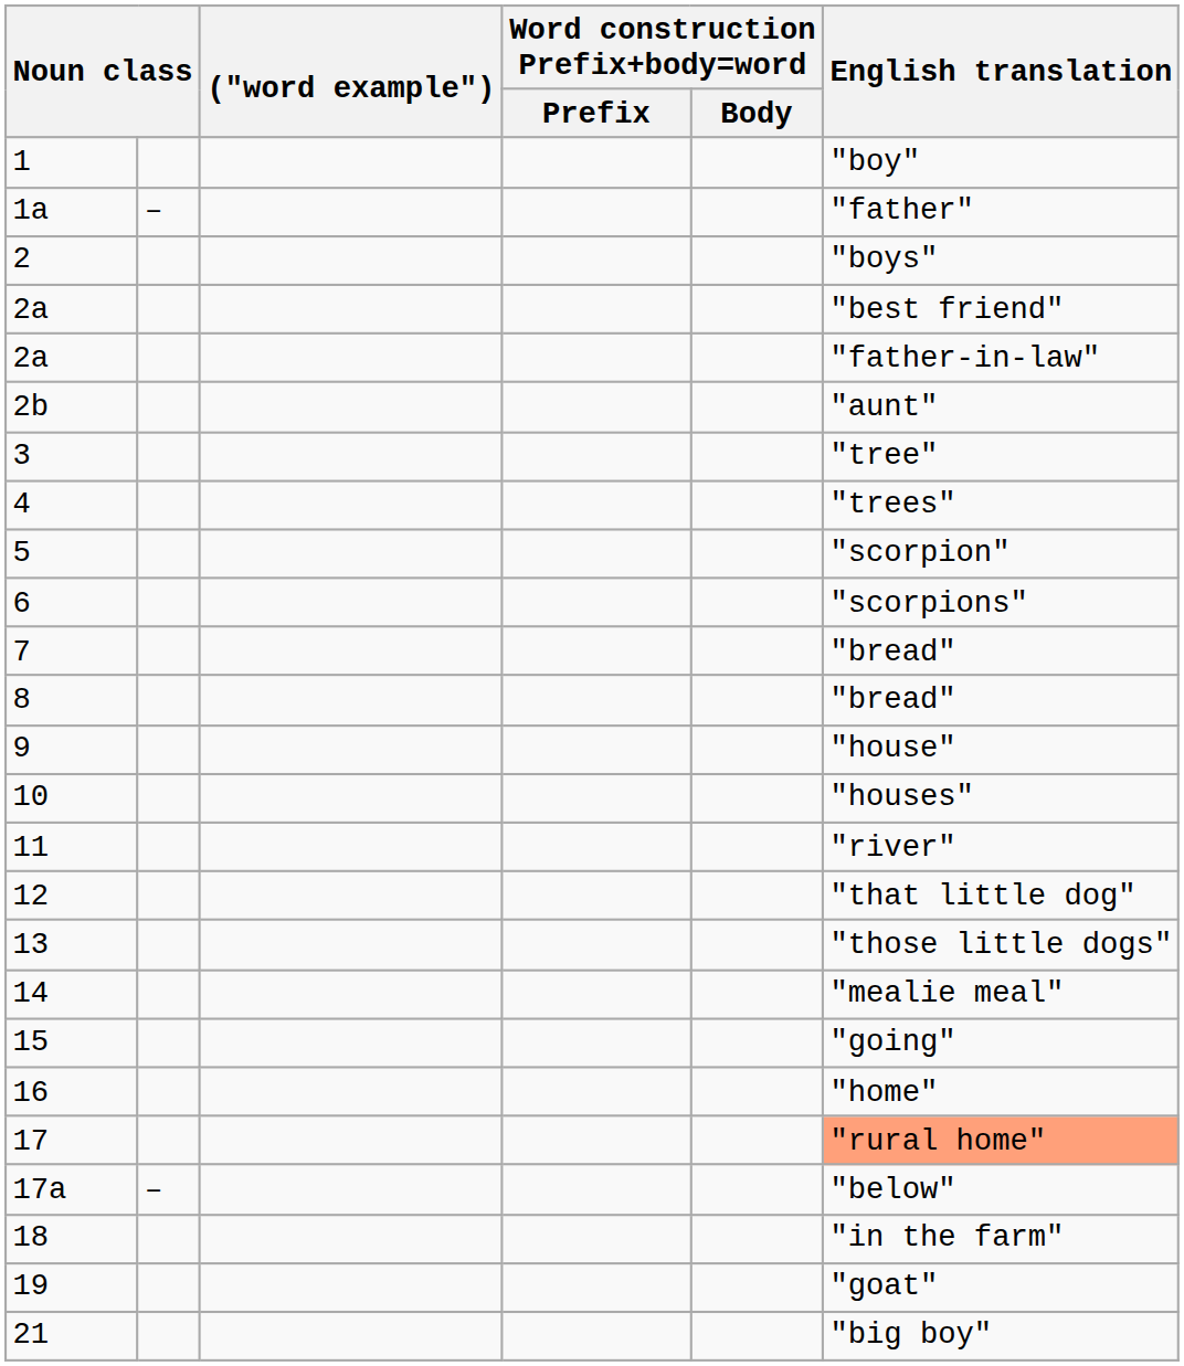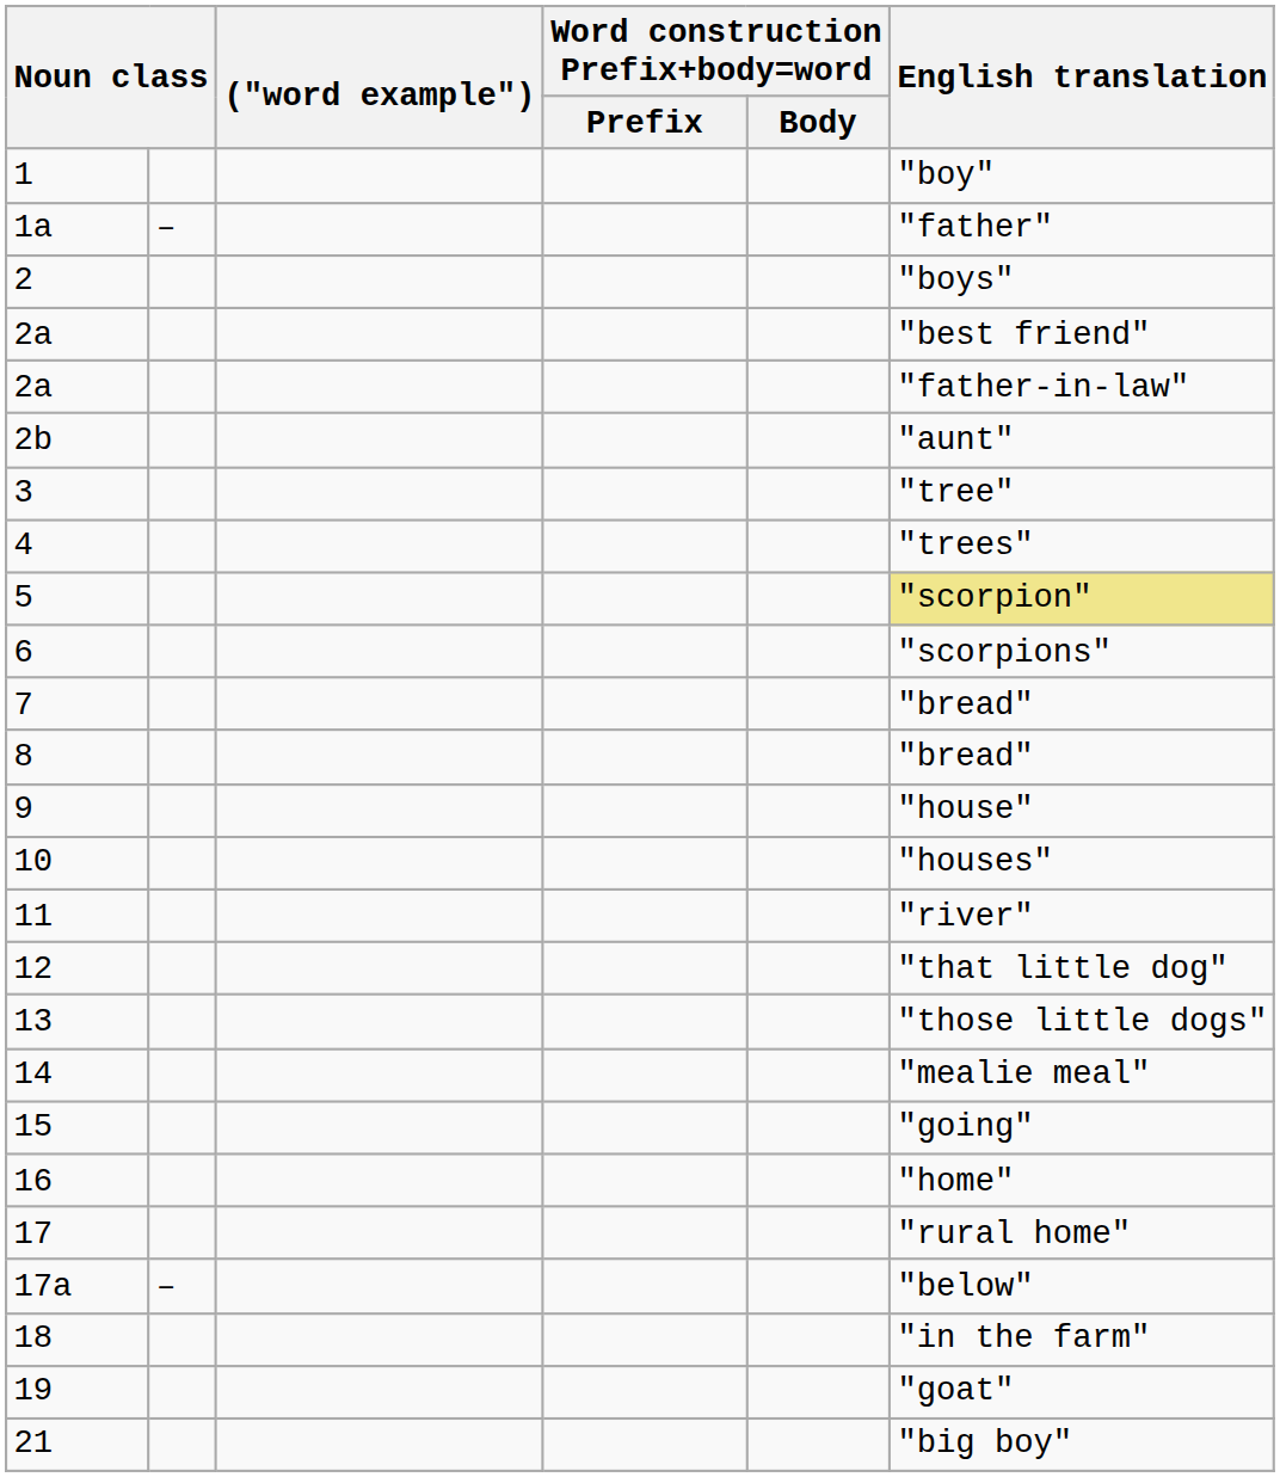 <table class="wikitable">
 <tr>
 <th colspan="2" rowspan="2">Noun class</th>
 <th rowspan="2"><br>("word example")</th>
 <th colspan="2">Word construction<br>Prefix+body=word</th>
 <th rowspan="2">English translation</th>
 </tr>
 <tr>
 <th>Prefix</th>
 <th>Body</th>
 </tr>
 <tr>
 <td>1</td>
 <td></td>
 <td></td>
 <td></td>
 <td></td>
 <td>"boy"</td>
 </tr>
 <tr>
 <td>1a</td>
 <td>–</td>
 <td></td>
 <td></td>
 <td></td>
 <td>"father"</td>
 </tr>
 <tr>
 <td>2</td>
 <td></td>
 <td></td>
 <td></td>
 <td></td>
 <td>"boys"</td>
 </tr>
 <tr>
 <td>2a</td>
 <td></td>
 <td></td>
 <td></td>
 <td></td>
 <td>"best friend"</td>
 </tr>
 <tr>
 <td>2a</td>
 <td></td>
 <td></td>
 <td></td>
 <td></td>
 <td>"father-in-law"</td>
 </tr>
 <tr>
 <td>2b</td>
 <td></td>
 <td></td>
 <td></td>
 <td></td>
 <td>"aunt"</td>
 </tr>
 <tr>
 <td>3</td>
 <td></td>
 <td></td>
 <td></td>
 <td></td>
 <td>"tree"</td>
 </tr>
 <tr>
 <td>4</td>
 <td></td>
 <td></td>
 <td></td>
 <td></td>
 <td>"trees"</td>
 </tr>
 <tr>
 <td>5</td>
 <td></td>
 <td></td>
 <td></td>
 <td></td>
-<td>"scorpion"</td>
+<td style="background: khaki;">"scorpion"</td>
 </tr>
 <tr>
 <td>6</td>
 <td></td>
 <td></td>
 <td></td>
 <td></td>
 <td>"scorpions"</td>
 </tr>
 <tr>
 <td>7</td>
 <td></td>
 <td></td>
 <td></td>
 <td></td>
 <td>"bread"</td>
 </tr>
 <tr>
 <td>8</td>
 <td></td>
 <td></td>
 <td></td>
 <td></td>
 <td>"bread"</td>
 </tr>
 <tr>
 <td>9</td>
 <td></td>
 <td></td>
 <td></td>
 <td></td>
 <td>"house"</td>
 </tr>
 <tr>
 <td>10</td>
 <td></td>
 <td></td>
 <td></td>
 <td></td>
 <td>"houses"</td>
 </tr>
 <tr>
 <td>11</td>
 <td></td>
 <td></td>
 <td></td>
 <td></td>
 <td>"river"</td>
 </tr>
 <tr>
 <td>12</td>
 <td></td>
 <td></td>
 <td></td>
 <td></td>
 <td>"that little dog"</td>
 </tr>
 <tr>
 <td>13</td>
 <td></td>
 <td></td>
 <td></td>
 <td></td>
 <td>"those little dogs"</td>
 </tr>
 <tr>
 <td>14</td>
 <td></td>
 <td></td>
 <td></td>
 <td></td>
 <td>"mealie meal"</td>
 </tr>
 <tr>
 <td>15</td>
 <td></td>
 <td></td>
 <td></td>
 <td></td>
 <td>"going"</td>
 </tr>
 <tr>
 <td>16</td>
 <td></td>
 <td></td>
 <td></td>
 <td></td>
 <td>"home"</td>
 </tr>
 <tr>
 <td>17</td>
 <td></td>
 <td></td>
 <td></td>
 <td></td>
-<td style="background: lightsalmon;">"rural home"</td>
+<td>"rural home"</td>
 </tr>
 <tr>
 <td>17a</td>
 <td>–</td>
 <td></td>
 <td></td>
 <td></td>
 <td>"below"</td>
 </tr>
 <tr>
 <td>18</td>
 <td></td>
 <td></td>
 <td></td>
 <td></td>
 <td>"in the farm"</td>
 </tr>
 <tr>
 <td>19</td>
 <td></td>
 <td></td>
 <td></td>
 <td></td>
 <td>"goat"</td>
 </tr>
 <tr>
 <td>21</td>
 <td></td>
 <td></td>
 <td></td>
 <td></td>
 <td>"big boy"</td>
 </tr>
 </table>
